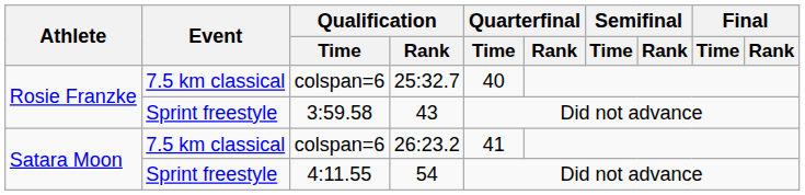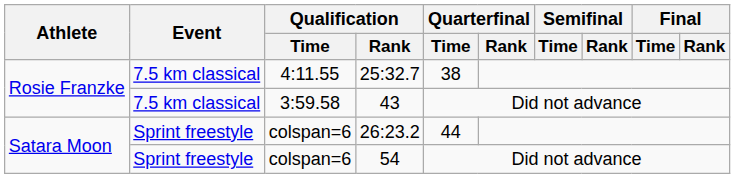 <table class="wikitable" style="font-size:90%">
 <tr>
 <th rowspan="2">Athlete</th>
 <th rowspan="2">Event</th>
 <th colspan="2">Qualification</th>
 <th colspan="2">Quarterfinal</th>
 <th colspan="2">Semifinal</th>
 <th colspan="2">Final</th>
 </tr>
 <tr style="font-size:95%">
 <th>Time</th>
 <th>Rank</th>
 <th>Time</th>
 <th>Rank</th>
 <th>Time</th>
 <th>Rank</th>
 <th>Time</th>
 <th>Rank</th>
 </tr>
 <tr align=center>
 <td align=left rowspan=2><a href='#'>Rosie Franzke</a></td>
 <td align=left><a href='#'>7.5 km classical</a></td>
-<td>colspan=6</td>
+<td>4:11.55</td>
 <td>25:32.7</td>
-<td>40</td>
+<td>38</td>
 </tr>
 <tr align=center>
-<td align=left><a href='#'>Sprint freestyle</a></td>
+<td align=left><a href='#'>7.5 km classical</a></td>
 <td>3:59.58</td>
 <td>43</td>
 <td colspan=6>Did not advance</td>
 </tr>
 <tr align=center>
 <td align=left rowspan=2><a href='#'>Satara Moon</a></td>
-<td align=left><a href='#'>7.5 km classical</a></td>
+<td align=left><a href='#'>Sprint freestyle</a></td>
 <td>colspan=6</td>
 <td>26:23.2</td>
-<td>41</td>
+<td>44</td>
 </tr>
 <tr align=center>
 <td align=left><a href='#'>Sprint freestyle</a></td>
-<td>4:11.55</td>
+<td>colspan=6</td>
 <td>54</td>
 <td colspan=6>Did not advance</td>
 </tr>
 </table>
